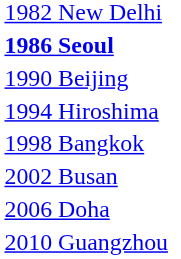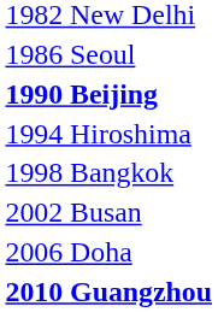 <table>
 <tr>
 <td><a href='#'>1982 New Delhi</a></td>
 <td></td>
 <td></td>
 <td></td>
 </tr>
 <tr>
-<td><strong><a href='#'>1986 Seoul</a></strong></td>
+<td><a href='#'>1986 Seoul</a></td>
 <td></td>
 <td></td>
 <td></td>
 </tr>
 <tr>
-<td><a href='#'>1990 Beijing</a></td>
+<td><strong><a href='#'>1990 Beijing</a></strong></td>
 <td></td>
 <td></td>
 <td></td>
 </tr>
 <tr>
 <td><a href='#'>1994 Hiroshima</a></td>
 <td></td>
 <td></td>
 <td></td>
 </tr>
 <tr>
 <td><a href='#'>1998 Bangkok</a></td>
 <td></td>
 <td></td>
 <td></td>
 </tr>
 <tr>
 <td><a href='#'>2002 Busan</a></td>
 <td></td>
 <td></td>
 <td></td>
 </tr>
 <tr>
 <td><a href='#'>2006 Doha</a></td>
 <td></td>
 <td></td>
 <td></td>
 </tr>
 <tr>
-<td><a href='#'>2010 Guangzhou</a></td>
+<td><strong><a href='#'>2010 Guangzhou</a></strong></td>
 <td></td>
 <td></td>
 <td></td>
 </tr>
 </table>
